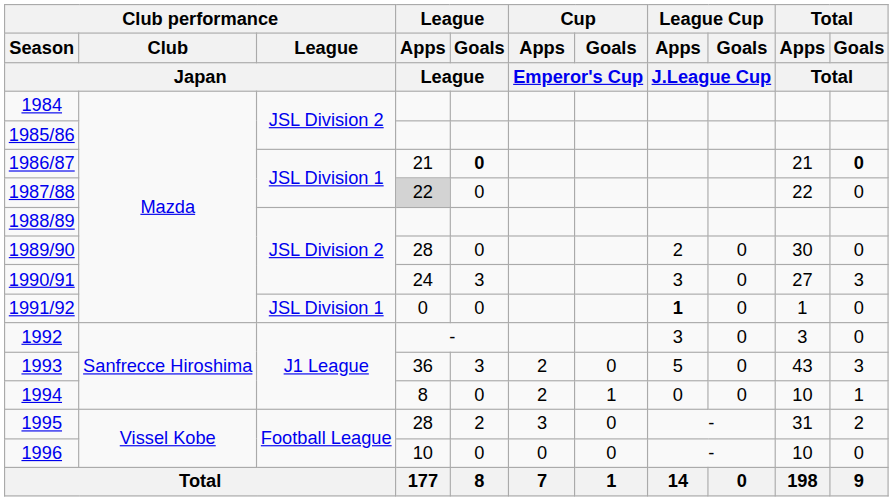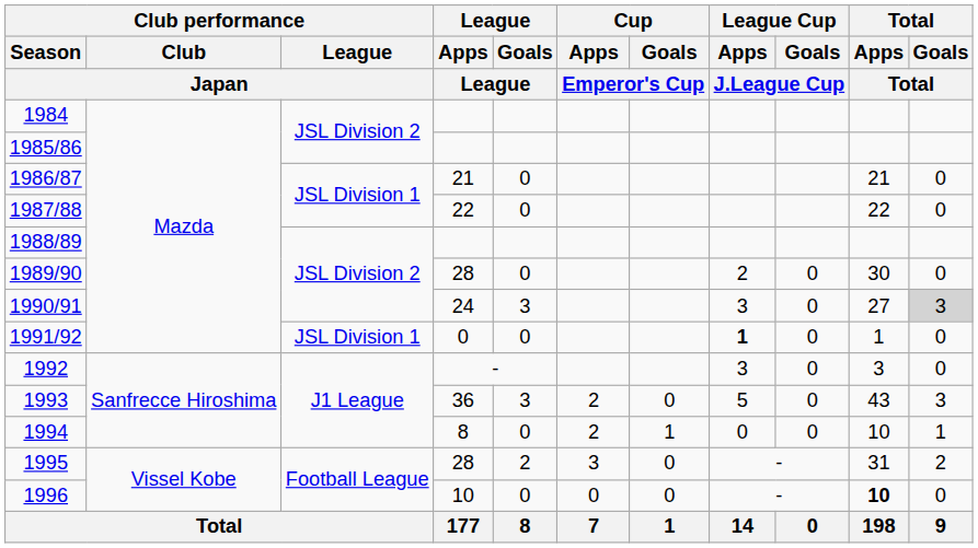 <table class="wikitable" style="text-align:center;">
 <tr>
 <th colspan=3>Club performance</th>
 <th colspan=2>League</th>
 <th colspan=2>Cup</th>
 <th colspan=2>League Cup</th>
 <th colspan=2>Total</th>
 </tr>
 <tr>
 <th>Season</th>
 <th>Club</th>
 <th>League</th>
 <th>Apps</th>
 <th>Goals</th>
 <th>Apps</th>
 <th>Goals</th>
 <th>Apps</th>
 <th>Goals</th>
 <th>Apps</th>
 <th>Goals</th>
 </tr>
 <tr>
 <th colspan=3>Japan</th>
 <th colspan=2>League</th>
 <th colspan=2><a href='#'>Emperor's Cup</a></th>
 <th colspan=2><a href='#'>J.League Cup</a></th>
 <th colspan=2>Total</th>
 </tr>
 <tr>
 <td><a href='#'>1984</a></td>
 <td rowspan="8"><a href='#'>Mazda</a></td>
 <td rowspan="2"><a href='#'>JSL Division 2</a></td>
 <td></td>
 <td></td>
 <td></td>
 <td></td>
 <td></td>
 <td></td>
 <td></td>
 <td></td>
 </tr>
 <tr>
 <td><a href='#'>1985/86</a></td>
 <td></td>
 <td></td>
 <td></td>
 <td></td>
 <td></td>
 <td></td>
 <td></td>
 <td></td>
 </tr>
 <tr>
 <td><a href='#'>1986/87</a></td>
 <td rowspan="2"><a href='#'>JSL Division 1</a></td>
 <td>21</td>
-<td><strong>0</strong></td>
+<td>0</td>
 <td></td>
 <td></td>
 <td></td>
 <td></td>
 <td>21</td>
-<td><strong>0</strong></td>
+<td>0</td>
 </tr>
 <tr>
 <td><a href='#'>1987/88</a></td>
-<td style="background: lightgrey;">22</td>
+<td>22</td>
 <td>0</td>
 <td></td>
 <td></td>
 <td></td>
 <td></td>
 <td>22</td>
 <td>0</td>
 </tr>
 <tr>
 <td><a href='#'>1988/89</a></td>
 <td rowspan="3"><a href='#'>JSL Division 2</a></td>
 <td></td>
 <td></td>
 <td></td>
 <td></td>
 <td></td>
 <td></td>
 <td></td>
 <td></td>
 </tr>
 <tr>
 <td><a href='#'>1989/90</a></td>
 <td>28</td>
 <td>0</td>
 <td></td>
 <td></td>
 <td>2</td>
 <td>0</td>
 <td>30</td>
 <td>0</td>
 </tr>
 <tr>
 <td><a href='#'>1990/91</a></td>
 <td>24</td>
 <td>3</td>
 <td></td>
 <td></td>
 <td>3</td>
 <td>0</td>
 <td>27</td>
-<td>3</td>
+<td style="background: lightgrey;">3</td>
 </tr>
 <tr>
 <td><a href='#'>1991/92</a></td>
 <td><a href='#'>JSL Division 1</a></td>
 <td>0</td>
 <td>0</td>
 <td></td>
 <td></td>
 <td><strong>1</strong></td>
 <td>0</td>
 <td>1</td>
 <td>0</td>
 </tr>
 <tr>
 <td><a href='#'>1992</a></td>
 <td rowspan="3"><a href='#'>Sanfrecce Hiroshima</a></td>
 <td rowspan="3"><a href='#'>J1 League</a></td>
 <td colspan="2">-</td>
 <td></td>
 <td></td>
 <td>3</td>
 <td>0</td>
 <td>3</td>
 <td>0</td>
 </tr>
 <tr>
 <td><a href='#'>1993</a></td>
 <td>36</td>
 <td>3</td>
 <td>2</td>
 <td>0</td>
 <td>5</td>
 <td>0</td>
 <td>43</td>
 <td>3</td>
 </tr>
 <tr>
 <td><a href='#'>1994</a></td>
 <td>8</td>
 <td>0</td>
 <td>2</td>
 <td>1</td>
 <td>0</td>
 <td>0</td>
 <td>10</td>
 <td>1</td>
 </tr>
 <tr>
 <td><a href='#'>1995</a></td>
 <td rowspan="2"><a href='#'>Vissel Kobe</a></td>
 <td rowspan="2"><a href='#'>Football League</a></td>
 <td>28</td>
 <td>2</td>
 <td>3</td>
 <td>0</td>
 <td colspan="2">-</td>
 <td>31</td>
 <td>2</td>
 </tr>
 <tr>
 <td><a href='#'>1996</a></td>
 <td>10</td>
 <td>0</td>
 <td>0</td>
 <td>0</td>
 <td colspan="2">-</td>
-<td>10</td>
+<td><strong>10</strong></td>
 <td>0</td>
 </tr>
 <tr>
 <th colspan=3>Total</th>
 <th>177</th>
 <th>8</th>
 <th>7</th>
 <th>1</th>
 <th>14</th>
 <th>0</th>
 <th>198</th>
 <th>9</th>
 </tr>
 </table>
